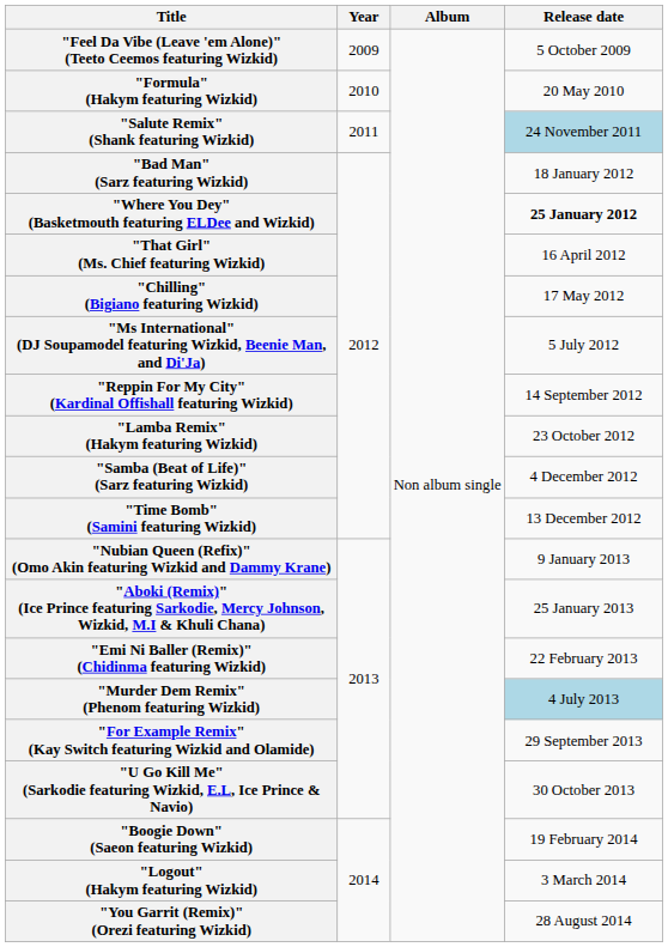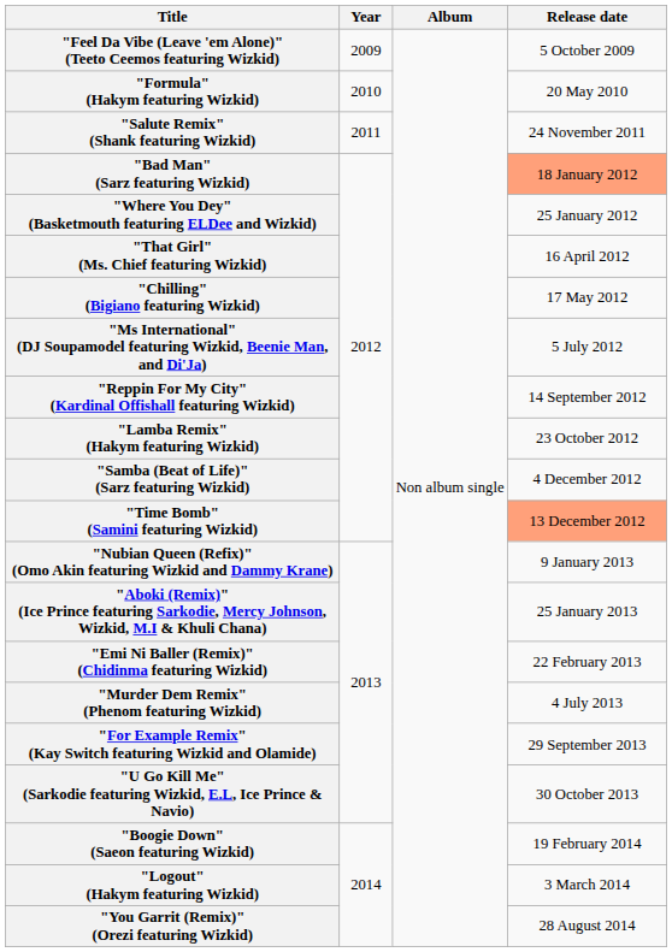 <table class="wikitable plainrowheaders" style="text-align:center;">
 <tr>
 <th scope="col" style="width:21.5em;">Title</th>
 <th scope="col" style="width:3em;">Year</th>
 <th scope="col">Album</th>
 <th scope="col" style="width:10em;">Release date</th>
 </tr>
 <tr>
 <th scope="row">"Feel Da Vibe (Leave 'em Alone)"<br><span>(Teeto Ceemos featuring Wizkid)</span></th>
 <td>2009</td>
 <td rowspan="21">Non album single</td>
 <td>5 October 2009</td>
 </tr>
 <tr>
 <th scope="row">"Formula" <br><span>(Hakym featuring Wizkid)</span></th>
 <td>2010</td>
 <td>20 May 2010</td>
 </tr>
 <tr>
 <th scope="row">"Salute Remix"<br><span>(Shank featuring Wizkid)</span></th>
 <td>2011</td>
-<td style="background: lightblue;">24 November 2011</td>
+<td>24 November 2011</td>
 </tr>
 <tr>
 <th scope="row">"Bad Man"<br><span>(Sarz featuring Wizkid)</span></th>
 <td rowspan="9">2012</td>
-<td>18 January 2012</td>
+<td style="background: lightsalmon;">18 January 2012</td>
 </tr>
 <tr>
 <th scope="row">"Where You Dey"<br><span>(Basketmouth featuring <a href='#'>ELDee</a> and Wizkid)</span></th>
-<td><strong>25 January 2012</strong></td>
+<td>25 January 2012</td>
 </tr>
 <tr>
 <th scope="row">"That Girl"<br><span>(Ms. Chief featuring Wizkid)</span></th>
 <td>16 April 2012</td>
 </tr>
 <tr>
 <th scope="row">"Chilling"<br><span>(<a href='#'>Bigiano</a> featuring Wizkid)</span></th>
 <td>17 May 2012</td>
 </tr>
 <tr>
 <th scope="row">"Ms International"<br><span>(DJ Soupamodel featuring Wizkid, <a href='#'>Beenie Man</a>, and <a href='#'>Di'Ja</a>)</span></th>
 <td>5 July 2012</td>
 </tr>
 <tr>
 <th scope="row">"Reppin For My City"<br><span>(<a href='#'>Kardinal Offishall</a> featuring Wizkid)</span></th>
 <td>14 September 2012</td>
 </tr>
 <tr>
 <th scope="row">"Lamba Remix"<br><span>(Hakym featuring Wizkid)</span></th>
 <td>23 October 2012</td>
 </tr>
 <tr>
 <th scope="row">"Samba (Beat of Life)"<br><span>(Sarz featuring Wizkid)</span></th>
 <td>4 December 2012</td>
 </tr>
 <tr>
 <th scope="row">"Time Bomb"<br><span>(<a href='#'>Samini</a> featuring Wizkid)</span></th>
-<td>13 December 2012</td>
+<td style="background: lightsalmon;">13 December 2012</td>
 </tr>
 <tr>
 <th scope="row">"Nubian Queen (Refix)"<br><span>(Omo Akin featuring Wizkid and <a href='#'>Dammy Krane</a>)</span></th>
 <td rowspan="6">2013</td>
 <td>9 January 2013</td>
 </tr>
 <tr>
 <th scope="row">"<a href='#'>Aboki (Remix)</a>"<br><span>(Ice Prince featuring <a href='#'>Sarkodie</a>, <a href='#'>Mercy Johnson</a>, Wizkid, <a href='#'>M.I</a> & Khuli Chana)</span></th>
 <td>25 January 2013</td>
 </tr>
 <tr>
 <th scope="row">"Emi Ni Baller (Remix)"<br><span>(<a href='#'>Chidinma</a> featuring Wizkid)</span></th>
 <td>22 February 2013</td>
 </tr>
 <tr>
 <th scope="row">"Murder Dem Remix"<br><span>(Phenom featuring Wizkid)</span></th>
-<td style="background: lightblue;">4 July 2013</td>
+<td>4 July 2013</td>
 </tr>
 <tr>
 <th scope="row">"<a href='#'>For Example Remix</a>"<br><span>(Kay Switch featuring Wizkid and Olamide)</span></th>
 <td>29 September 2013</td>
 </tr>
 <tr>
 <th scope="row">"U Go Kill Me"<br><span>(Sarkodie featuring Wizkid, <a href='#'>E.L</a>, Ice Prince & Navio)</span></th>
 <td>30 October 2013</td>
 </tr>
 <tr>
 <th scope="row">"Boogie Down" <br><span>(Saeon featuring Wizkid)</span></th>
 <td rowspan="3">2014</td>
 <td>19 February 2014</td>
 </tr>
 <tr>
 <th scope="row">"Logout" <br><span>(Hakym featuring Wizkid)</span></th>
 <td>3 March 2014</td>
 </tr>
 <tr>
 <th scope="row">"You Garrit (Remix)"<br><span>(Orezi featuring Wizkid)</span></th>
 <td>28 August 2014</td>
 </tr>
 </table>
